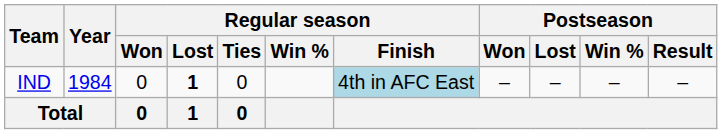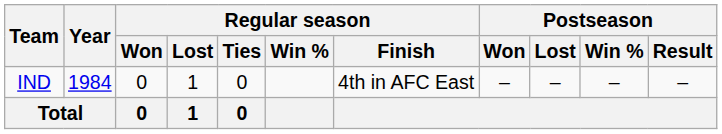 <table class="wikitable" style="font-size: 95%; text-align:center;">
 <tr>
 <th rowspan="2">Team</th>
 <th rowspan="2">Year</th>
 <th colspan="5">Regular season</th>
 <th colspan="4">Postseason</th>
 </tr>
 <tr>
 <th>Won</th>
 <th>Lost</th>
 <th>Ties</th>
 <th>Win %</th>
 <th>Finish</th>
 <th>Won</th>
 <th>Lost</th>
 <th>Win %</th>
 <th>Result</th>
 </tr>
 <tr>
 <td><a href='#'>IND</a></td>
 <td><a href='#'>1984</a></td>
 <td>0</td>
-<td><strong>1</strong></td>
+<td>1</td>
 <td>0</td>
 <td></td>
-<td style="background: lightblue;">4th in AFC East</td>
+<td>4th in AFC East</td>
 <td>–</td>
 <td>–</td>
 <td>–</td>
 <td>–</td>
 </tr>
 <tr>
 <th colspan="2">Total</th>
 <th>0</th>
 <th>1</th>
 <th>0</th>
 <th></th>
 <th colspan="5"></th>
 </tr>
 </table>
